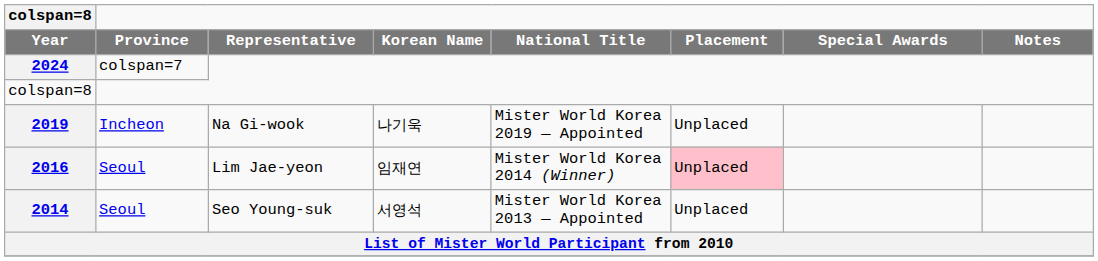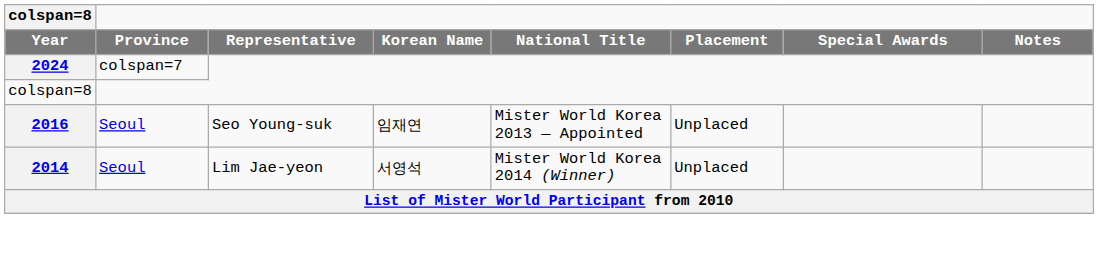 <table class="wikitable " style="font-size: 95%;">
 <tr>
 <th>colspan=8 </th>
 </tr>
 <tr>
 <th width="60" style="background-color:#787878;color:#FFFFFF;">Year</th>
 <th width="150" style="background-color:#787878;color:#FFFFFF;">Province</th>
 <th width="210" style="background-color:#787878;color:#FFFFFF;">Representative</th>
 <th width="250" style="background-color:#787878;color:#FFFFFF;">Korean Name</th>
 <th width="400" style="background-color:#787878;color:#FFFFFF;">National Title</th>
 <th width="150" style="background-color:#787878;color:#FFFFFF;">Placement</th>
 <th width="530" style="background-color:#787878;color:#FFFFFF;">Special Awards</th>
 <th width="250" style="background-color:#787878;color:#FFFFFF;">Notes</th>
 </tr>
 <tr>
 <th><a href='#'>2024</a></th>
 <td>colspan=7 </td>
 </tr>
 <tr>
 <td>colspan=8 </td>
 </tr>
 <tr>
-<th><a href='#'>2019</a></th>
-<td><a href='#'>Incheon</a></td>
-<td>Na Gi-wook</td>
-<td>나기욱</td>
-<td>Mister World Korea 2019 — Appointed</td>
-<td>Unplaced</td>
-<td></td>
-<td></td>
-</tr>
-<tr>
 <th><a href='#'>2016</a></th>
 <td><a href='#'>Seoul</a></td>
-<td>Lim Jae-yeon</td>
+<td>Seo Young-suk</td>
 <td>임재연</td>
-<td>Mister World Korea 2014 <em>(Winner)</em></td>
-<td style="background: pink;">Unplaced</td>
+<td>Mister World Korea 2013 — Appointed</td>
+<td>Unplaced</td>
 <td></td>
 <td></td>
 </tr>
 <tr>
 <th><a href='#'>2014</a></th>
 <td><a href='#'>Seoul</a></td>
-<td>Seo Young-suk</td>
+<td>Lim Jae-yeon</td>
 <td>서영석</td>
-<td>Mister World Korea 2013 — Appointed</td>
+<td>Mister World Korea 2014 <em>(Winner)</em></td>
 <td>Unplaced</td>
 <td></td>
 </tr>
 <tr>
 <th colspan="8" style="font-size:95%;"><a href='#'>List of Mister World Participant</a> from 2010</th>
 </tr>
 <tr>
 </tr>
 </table>
